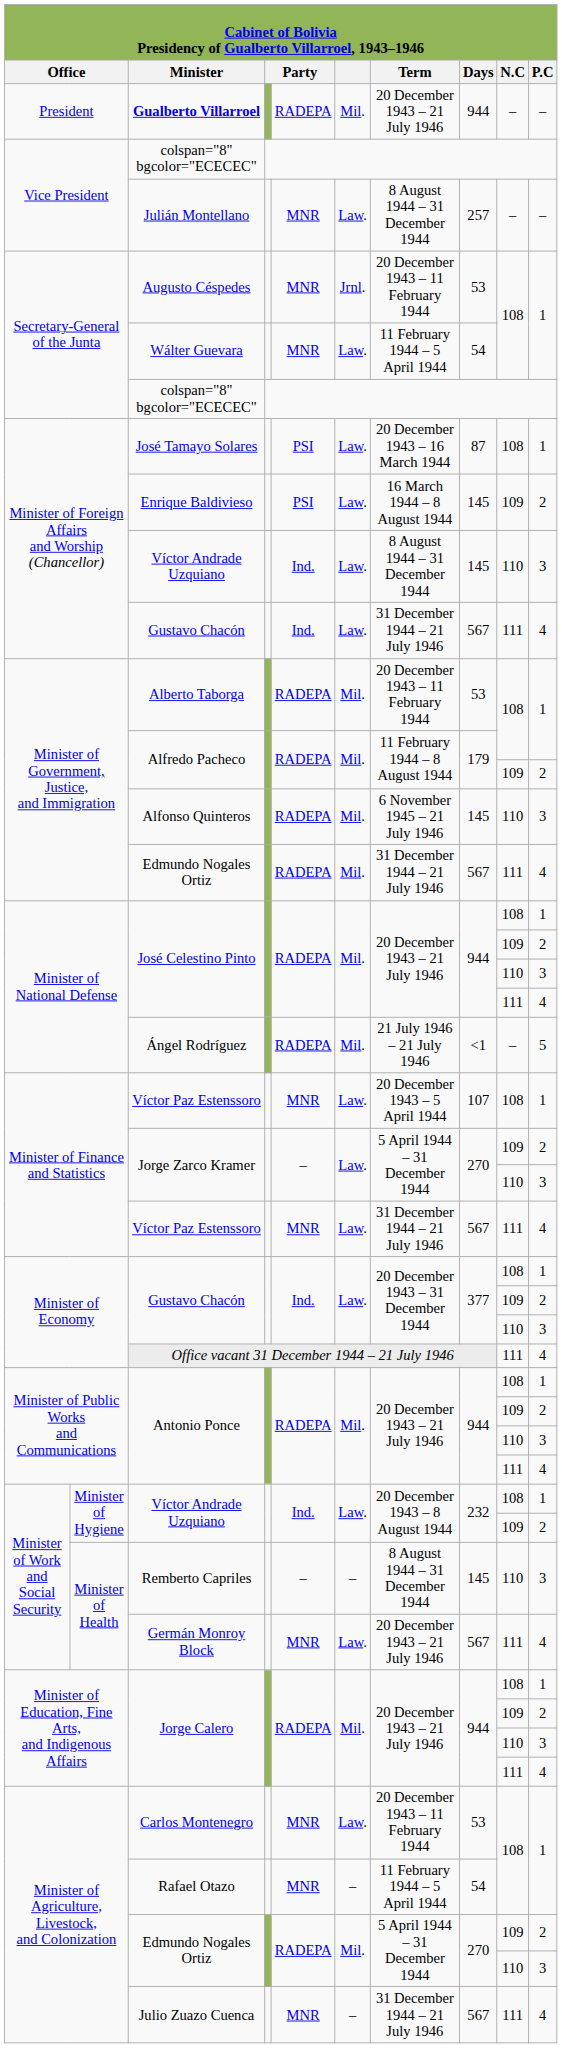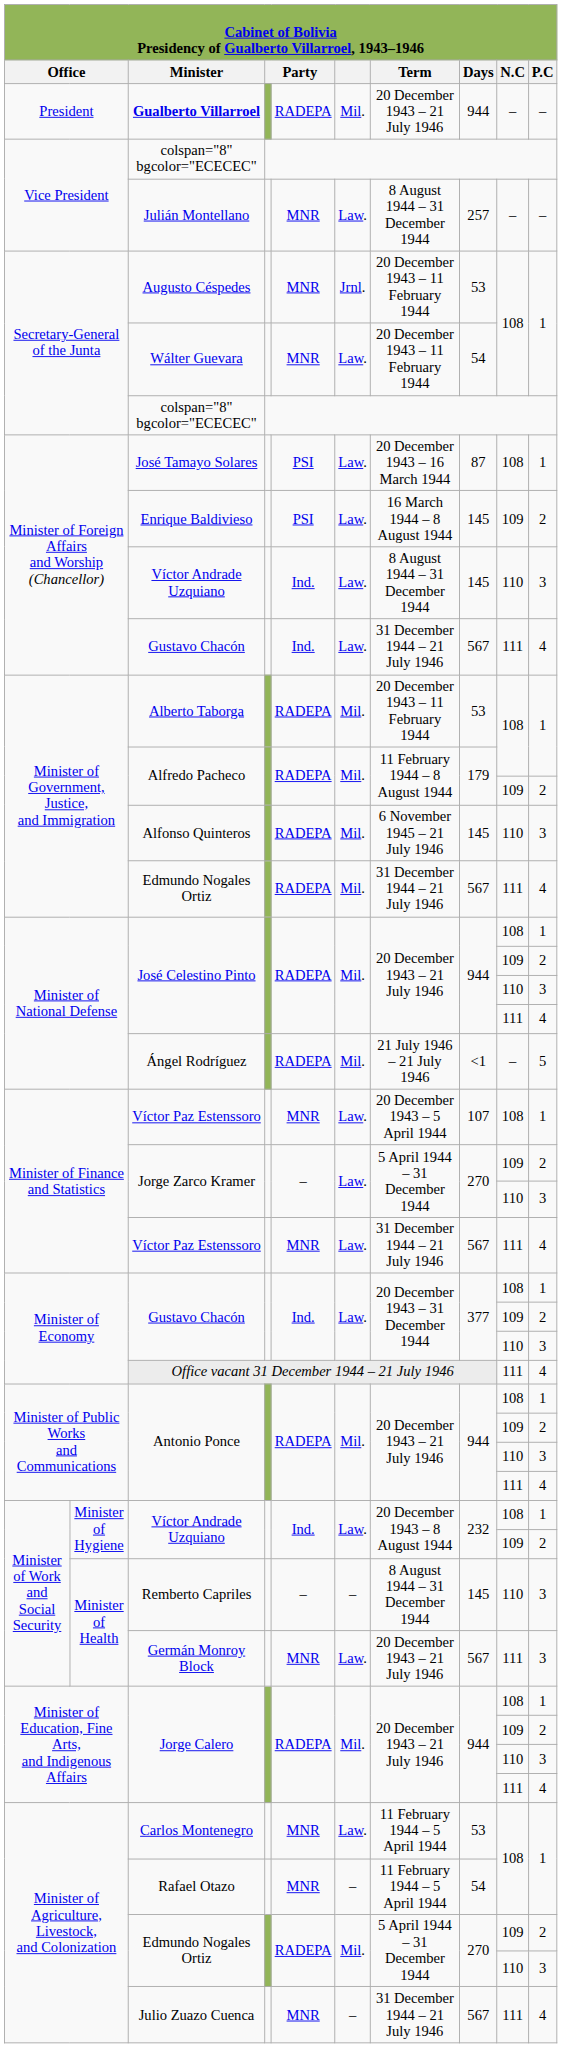 <table class="wikitable" style="text-align:center;">
 <tr>
 <th colspan="10" style="background-color:#92B558;"><br><a href='#'>Cabinet of Bolivia</a><br>Presidency of <a href='#'>Gualberto Villarroel</a>, 1943–1946</th>
 </tr>
 <tr style="font-weight:bold;">
 <th colspan="2">Office</th>
 <th>Minister</th>
 <th colspan="2">Party</th>
 <th></th>
 <th>Term</th>
 <th>Days</th>
 <th>N.C</th>
 <th>P.C<br></th>
 </tr>
 <tr style="height:3em;">
 <td colspan="2"><a href='#'>President</a></td>
 <td><strong><a href='#'>Gualberto Villarroel</a></strong></td>
 <td style="background:#92B558;"></td>
 <td><a href='#'>RADEPA</a></td>
 <td><a href='#'>Mil</a>.</td>
 <td>20 December 1943 – 21 July 1946</td>
 <td>944</td>
 <td>–</td>
 <td>–<br></td>
 </tr>
 <tr>
 <td colspan="2" rowspan="2"><a href='#'>Vice President</a></td>
 <td>colspan="8" bgcolor="ECECEC" </td>
 </tr>
 <tr style="height:3em;">
 <td><a href='#'>Julián Montellano</a></td>
 <td style="background:"></td>
 <td><a href='#'>MNR</a></td>
 <td><a href='#'>Law</a>.</td>
 <td>8 August 1944 – 31 December 1944</td>
 <td>257</td>
 <td>–</td>
 <td>–<br></td>
 </tr>
 <tr style="height:3em;">
 <td colspan="2" rowspan="3"><a href='#'>Secretary-General of the Junta</a></td>
 <td><a href='#'>Augusto Céspedes</a></td>
 <td style="background:"></td>
 <td><a href='#'>MNR</a></td>
 <td><a href='#'>Jrnl</a>.</td>
 <td>20 December 1943 – 11 February 1944</td>
 <td>53</td>
 <td rowspan="2">108</td>
 <td rowspan="2">1</td>
 </tr>
 <tr style="height:3em;">
 <td><a href='#'>Wálter Guevara</a></td>
 <td style="background:"></td>
 <td><a href='#'>MNR</a></td>
 <td><a href='#'>Law</a>.</td>
-<td>11 February 1944 – 5 April 1944</td>
+<td>20 December 1943 – 11 February 1944</td>
 <td>54</td>
 </tr>
 <tr>
 <td>colspan="8" bgcolor="ECECEC" <br></td>
 </tr>
 <tr style="height:3em;">
 <td colspan="2" rowspan="4"><a href='#'>Minister of Foreign Affairs<br>and Worship</a><br><em>(Chancellor)</em></td>
 <td><a href='#'>José Tamayo Solares</a></td>
 <td style="background:"></td>
 <td><a href='#'>PSI</a></td>
 <td><a href='#'>Law</a>.</td>
 <td>20 December 1943 – 16 March 1944</td>
 <td>87</td>
 <td>108</td>
 <td>1</td>
 </tr>
 <tr style="height:3em;">
 <td><a href='#'>Enrique Baldivieso</a></td>
 <td style="background:"></td>
 <td><a href='#'>PSI</a></td>
 <td><a href='#'>Law</a>.</td>
 <td>16 March 1944 – 8 August 1944</td>
 <td>145</td>
 <td>109</td>
 <td>2</td>
 </tr>
 <tr style="height:3em;">
 <td><a href='#'>Víctor Andrade Uzquiano</a></td>
 <td style="background:"></td>
 <td><a href='#'>Ind.</a></td>
 <td><a href='#'>Law</a>.</td>
 <td>8 August 1944 – 31 December 1944</td>
 <td>145</td>
 <td>110</td>
 <td>3</td>
 </tr>
 <tr style="height:3em;">
 <td><a href='#'>Gustavo Chacón</a></td>
 <td style="background:"></td>
 <td><a href='#'>Ind.</a></td>
 <td><a href='#'>Law</a>.</td>
 <td>31 December 1944 – 21 July 1946</td>
 <td>567</td>
 <td>111</td>
 <td>4<br></td>
 </tr>
 <tr style="height:3em;">
 <td colspan="2" rowspan="5"><a href='#'>Minister of Government, Justice,<br>and Immigration</a></td>
 <td><a href='#'>Alberto Taborga</a></td>
 <td style="background:#92B558;"></td>
 <td><a href='#'>RADEPA</a></td>
 <td><a href='#'>Mil</a>.</td>
 <td>20 December 1943 – 11 February 1944</td>
 <td>53</td>
 <td rowspan="2">108</td>
 <td rowspan="2">1</td>
 </tr>
 <tr style="height:2em;">
 <td rowspan="2">Alfredo Pacheco</td>
 <td rowspan="2" style="background:#92B558;"></td>
 <td rowspan="2"><a href='#'>RADEPA</a></td>
 <td rowspan="2"><a href='#'>Mil</a>.</td>
 <td rowspan="2">11 February 1944 – 8 August 1944</td>
 <td rowspan="2">179</td>
 </tr>
 <tr style="height:2em;">
 <td>109</td>
 <td>2</td>
 </tr>
 <tr style="height:3em;">
 <td>Alfonso Quinteros</td>
 <td style="background:#92B558;"></td>
 <td><a href='#'>RADEPA</a></td>
 <td><a href='#'>Mil</a>.</td>
 <td>6 November 1945 – 21 July 1946</td>
 <td>145</td>
 <td>110</td>
 <td>3</td>
 </tr>
 <tr style="height:3em;">
 <td>Edmundo Nogales Ortiz</td>
 <td style="background:#92B558;"></td>
 <td><a href='#'>RADEPA</a></td>
 <td><a href='#'>Mil</a>.</td>
 <td>31 December 1944 – 21 July 1946</td>
 <td>567</td>
 <td>111</td>
 <td>4<br></td>
 </tr>
 <tr style="height:2em;">
 <td colspan="2" rowspan="5"><a href='#'>Minister of National Defense</a></td>
 <td rowspan="4"><a href='#'>José Celestino Pinto</a></td>
 <td rowspan="4" style="background:#92B558;"></td>
 <td rowspan="4"><a href='#'>RADEPA</a></td>
 <td rowspan="4"><a href='#'>Mil</a>.</td>
 <td rowspan="4">20 December 1943 – 21 July 1946</td>
 <td rowspan="4">944</td>
 <td>108</td>
 <td>1</td>
 </tr>
 <tr style="height:2em;">
 <td>109</td>
 <td>2</td>
 </tr>
 <tr style="height:2em;">
 <td>110</td>
 <td>3</td>
 </tr>
 <tr style="height:2em;">
 <td>111</td>
 <td>4</td>
 </tr>
 <tr style="height:3em;">
 <td>Ángel Rodríguez</td>
 <td style="background:#92B558;"></td>
 <td><a href='#'>RADEPA</a></td>
 <td><a href='#'>Mil</a>.</td>
 <td>21 July 1946 – 21 July 1946</td>
 <td><1</td>
 <td>–</td>
 <td>5<br></td>
 </tr>
 <tr style="height:3em;">
 <td colspan="2" rowspan="4"><a href='#'>Minister of Finance and Statistics</a></td>
 <td><a href='#'>Víctor Paz Estenssoro</a></td>
 <td style="background:"></td>
 <td><a href='#'>MNR</a></td>
 <td><a href='#'>Law</a>.</td>
 <td>20 December 1943 – 5 April 1944</td>
 <td>107</td>
 <td>108</td>
 <td>1</td>
 </tr>
 <tr style="height:2em;">
 <td rowspan="2">Jorge Zarco Kramer</td>
 <td rowspan="2" style="background:"></td>
 <td rowspan="2">–</td>
 <td rowspan="2"><a href='#'>Law</a>.</td>
 <td rowspan="2">5 April 1944 – 31 December 1944</td>
 <td rowspan="2">270</td>
 <td>109</td>
 <td>2</td>
 </tr>
 <tr style="height:2em;">
 <td>110</td>
 <td>3</td>
 </tr>
 <tr style="height:3em;">
 <td><a href='#'>Víctor Paz Estenssoro</a></td>
 <td style="background:"></td>
 <td><a href='#'>MNR</a></td>
 <td><a href='#'>Law</a>.</td>
 <td>31 December 1944 – 21 July 1946</td>
 <td>567</td>
 <td>111</td>
 <td>4<br></td>
 </tr>
 <tr style="height:2em;">
 <td colspan="2" rowspan="4"><a href='#'>Minister of Economy</a></td>
 <td rowspan="3"><a href='#'>Gustavo Chacón</a></td>
 <td rowspan="3" style="background:"></td>
 <td rowspan="3"><a href='#'>Ind.</a></td>
 <td rowspan="3"><a href='#'>Law</a>.</td>
 <td rowspan="3">20 December 1943 – 31 December 1944</td>
 <td rowspan="3">377</td>
 <td>108</td>
 <td>1</td>
 </tr>
 <tr style="height:2em;">
 <td>109</td>
 <td>2</td>
 </tr>
 <tr style="height:2em;">
 <td>110</td>
 <td>3</td>
 </tr>
 <tr>
 <td colspan="6" bgcolor="ECECEC" {{CNone><em>Office vacant 31 December 1944 – 21 July 1946</em></td>
 <td>111</td>
 <td>4<br></td>
 </tr>
 <tr style="height:2em;">
 <td colspan="2" rowspan="4"><a href='#'>Minister of Public Works<br>and Communications</a></td>
 <td rowspan="4">Antonio Ponce</td>
 <td rowspan="4" style="background:#92B558;"></td>
 <td rowspan="4"><a href='#'>RADEPA</a></td>
 <td rowspan="4"><a href='#'>Mil</a>.</td>
 <td rowspan="4">20 December 1943 – 21 July 1946</td>
 <td rowspan="4">944</td>
 <td>108</td>
 <td>1</td>
 </tr>
 <tr style="height:2em;">
 <td>109</td>
 <td>2</td>
 </tr>
 <tr style="height:2em;">
 <td>110</td>
 <td>3</td>
 </tr>
 <tr style="height:2em;">
 <td>111</td>
 <td>4<br></td>
 </tr>
 <tr style="height:2em;">
 <td rowspan="4"><a href='#'>Minister of Work<br>and Social Security</a></td>
 <td rowspan="2"><a href='#'>Minister of<br>Hygiene</a></td>
 <td rowspan="2"><a href='#'>Víctor Andrade Uzquiano</a></td>
 <td rowspan="2" style="background:"></td>
 <td rowspan="2"><a href='#'>Ind.</a></td>
 <td rowspan="2"><a href='#'>Law</a>.</td>
 <td rowspan="2">20 December 1943 – 8 August 1944</td>
 <td rowspan="2">232</td>
 <td>108</td>
 <td>1</td>
 </tr>
 <tr style="height:2em;">
 <td>109</td>
 <td>2</td>
 </tr>
 <tr style="height:3em;">
 <td rowspan="2"><a href='#'>Minister of<br>Health</a></td>
 <td>Remberto Capriles</td>
 <td style="background:"></td>
 <td>–</td>
 <td>–</td>
 <td>8 August 1944 – 31 December 1944</td>
 <td>145</td>
 <td>110</td>
 <td>3</td>
 </tr>
 <tr style="height:3em;">
 <td><a href='#'>Germán Monroy Block</a></td>
 <td style="background:"></td>
 <td><a href='#'>MNR</a></td>
 <td><a href='#'>Law</a>.</td>
 <td>20 December 1943 – 21 July 1946</td>
 <td>567</td>
 <td>111</td>
-<td>4<br></td>
+<td>3<br></td>
 </tr>
 <tr style="height:2em;">
 <td colspan="2" rowspan="4"><a href='#'>Minister of Education, Fine Arts,<br>and Indigenous Affairs</a></td>
 <td rowspan="4"><a href='#'>Jorge Calero</a></td>
 <td rowspan="4" style="background:#92B558;"></td>
 <td rowspan="4"><a href='#'>RADEPA</a></td>
 <td rowspan="4"><a href='#'>Mil</a>.</td>
 <td rowspan="4">20 December 1943 – 21 July 1946</td>
 <td rowspan="4">944</td>
 <td>108</td>
 <td>1</td>
 </tr>
 <tr style="height:2em;">
 <td>109</td>
 <td>2</td>
 </tr>
 <tr style="height:2em;">
 <td>110</td>
 <td>3</td>
 </tr>
 <tr style="height:2em;">
 <td>111</td>
 <td>4<br></td>
 </tr>
 <tr style="height:3em;">
 <td colspan="2" rowspan="5"><a href='#'>Minister of Agriculture, Livestock,<br>and Colonization</a></td>
 <td><a href='#'>Carlos Montenegro</a></td>
 <td style="background:"></td>
 <td><a href='#'>MNR</a></td>
 <td><a href='#'>Law</a>.</td>
-<td>20 December 1943 – 11 February 1944</td>
+<td>11 February 1944 – 5 April 1944</td>
 <td>53</td>
 <td rowspan="2">108</td>
 <td rowspan="2">1</td>
 </tr>
 <tr style="height:3em;">
 <td>Rafael Otazo</td>
 <td style="background:"></td>
 <td><a href='#'>MNR</a></td>
 <td>–</td>
 <td>11 February 1944 – 5 April 1944</td>
 <td>54</td>
 </tr>
 <tr style="height:2em;">
 <td rowspan="2">Edmundo Nogales Ortiz</td>
 <td rowspan="2" style="background:#92B558;"></td>
 <td rowspan="2"><a href='#'>RADEPA</a></td>
 <td rowspan="2"><a href='#'>Mil</a>.</td>
 <td rowspan="2">5 April 1944 – 31 December 1944</td>
 <td rowspan="2">270</td>
 <td>109</td>
 <td>2</td>
 </tr>
 <tr style="height:2em;">
 <td>110</td>
 <td>3</td>
 </tr>
 <tr style="height:3em;">
 <td>Julio Zuazo Cuenca</td>
 <td style="background:"></td>
 <td><a href='#'>MNR</a></td>
 <td>–</td>
 <td>31 December 1944 – 21 July 1946</td>
 <td>567</td>
 <td>111</td>
 <td>4</td>
 </tr>
 </table>
